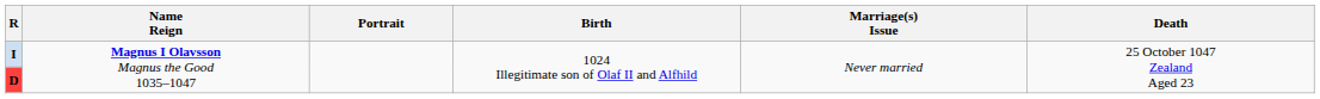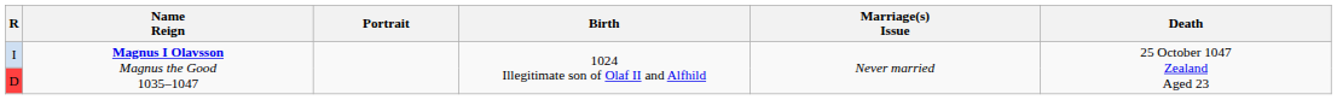 <table style="text-align:center" class="wikitable">
 <tr>
 <th width=1%>R</th>
 <th width=20%>Name<br>Reign</th>
 <th width=10%>Portrait</th>
 <th width=20%>Birth</th>
 <th width=20%>Marriage(s)<br>Issue</th>
 <th width=20%>Death</th>
 </tr>
 <tr>
-<td style="background-color:#CEDFF2; text-align:center"><strong>I</strong></td>
+<td style="background-color:#CEDFF2; text-align:center">I</td>
 <td rowspan=2><strong><a href='#'>Magnus I Olavsson</a></strong><br><em>Magnus the Good</em><br>1035–1047</td>
 <td rowspan=2></td>
 <td rowspan=2> 1024<br>Illegitimate son of <a href='#'>Olaf II</a> and <a href='#'>Alfhild</a></td>
 <td rowspan=2><em>Never married</em></td>
 <td rowspan=2>25 October 1047<br><a href='#'>Zealand</a><br>Aged 23</td>
 </tr>
 <tr>
-<td style="background-color:#FF4040; text-align:center"><strong>D</strong></td>
+<td style="background-color:#FF4040; text-align:center">D</td>
 </tr>
 </table>
